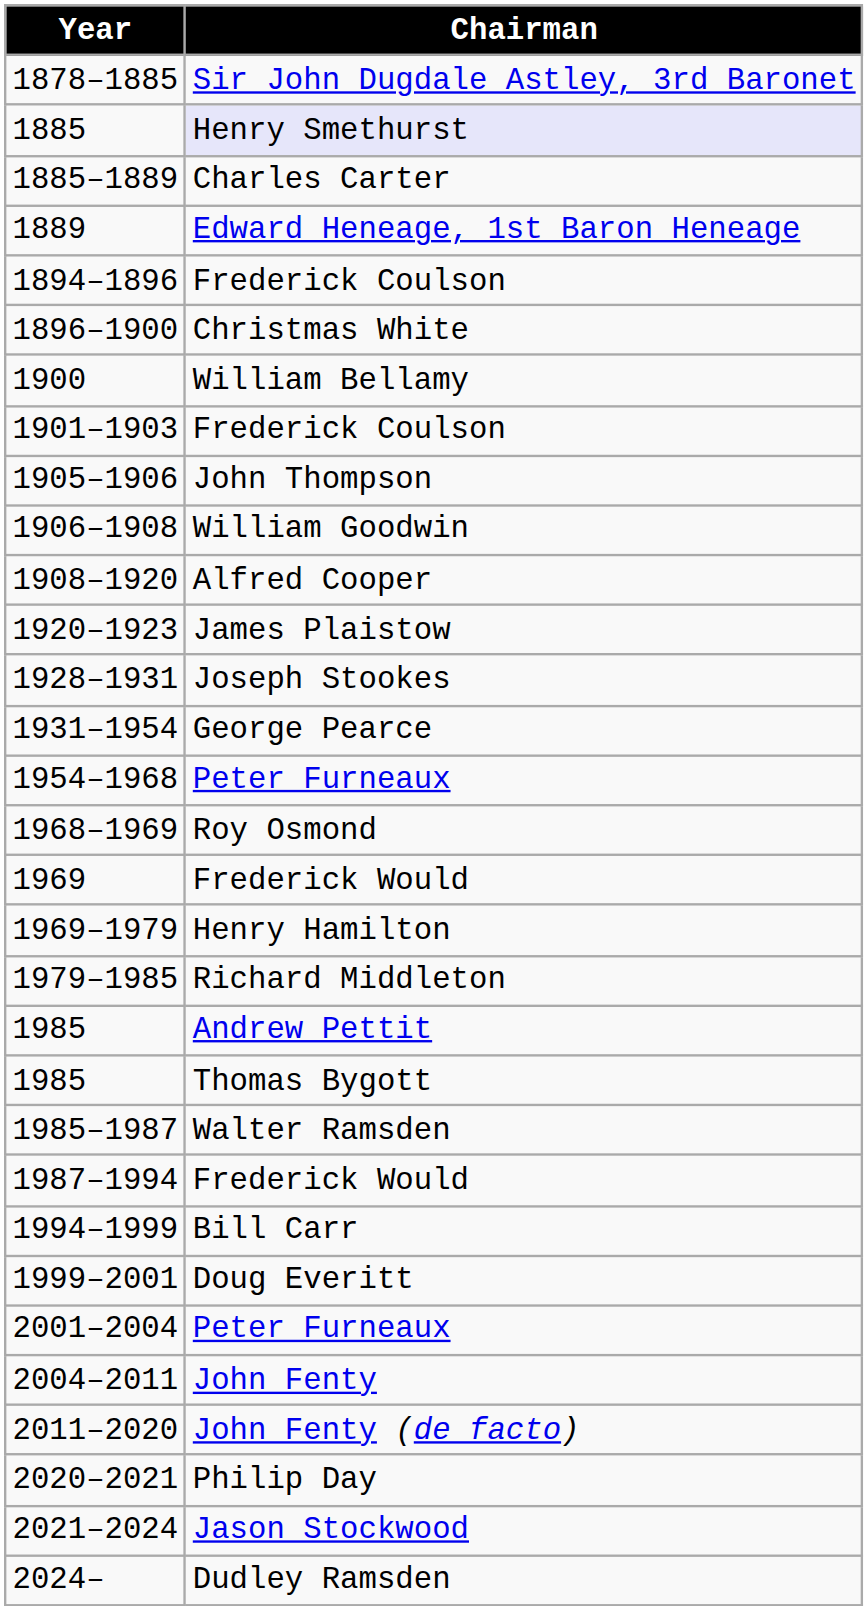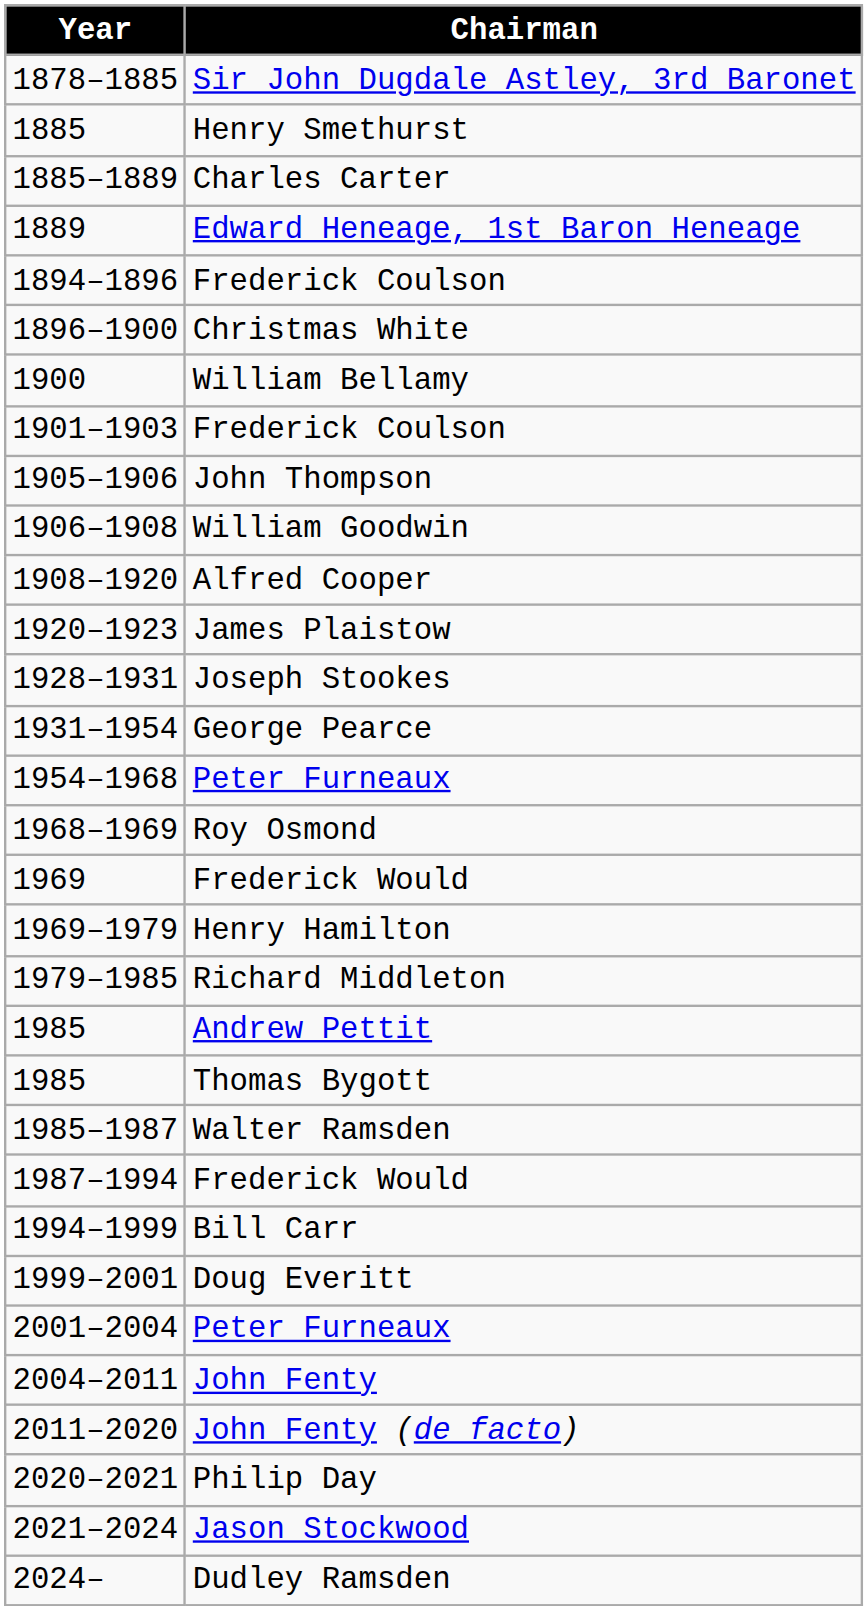 <table class="wikitable">
 <tr>
 <th style="background:#000000; color:#FFFFFF;">Year</th>
 <th style="background:#000000; color:#FFFFFF;">Chairman</th>
 </tr>
 <tr>
 <td>1878–1885</td>
 <td> <a href='#'>Sir John Dugdale Astley, 3rd Baronet</a></td>
 </tr>
 <tr>
 <td>1885</td>
-<td style="background: lavender;"> Henry Smethurst</td>
+<td> Henry Smethurst</td>
 </tr>
 <tr>
 <td>1885–1889</td>
 <td> Charles Carter</td>
 </tr>
 <tr>
 <td>1889</td>
 <td> <a href='#'>Edward Heneage, 1st Baron Heneage</a></td>
 </tr>
 <tr>
 <td>1894–1896</td>
 <td> Frederick Coulson</td>
 </tr>
 <tr>
 <td>1896–1900</td>
 <td> Christmas White</td>
 </tr>
 <tr>
 <td>1900</td>
 <td> William Bellamy</td>
 </tr>
 <tr>
 <td>1901–1903</td>
 <td> Frederick Coulson</td>
 </tr>
 <tr>
 <td>1905–1906</td>
 <td> John Thompson</td>
 </tr>
 <tr>
 <td>1906–1908</td>
 <td> William Goodwin</td>
 </tr>
 <tr>
 <td>1908–1920</td>
 <td> Alfred Cooper</td>
 </tr>
 <tr>
 <td>1920–1923</td>
 <td> James Plaistow</td>
 </tr>
 <tr>
 <td>1928–1931</td>
 <td> Joseph Stookes</td>
 </tr>
 <tr>
 <td>1931–1954</td>
 <td> George Pearce</td>
 </tr>
 <tr>
 <td>1954–1968</td>
 <td> <a href='#'>Peter Furneaux</a></td>
 </tr>
 <tr>
 <td>1968–1969</td>
 <td> Roy Osmond</td>
 </tr>
 <tr>
 <td>1969</td>
 <td> Frederick Would</td>
 </tr>
 <tr>
 <td>1969–1979</td>
 <td> Henry Hamilton</td>
 </tr>
 <tr>
 <td>1979–1985</td>
 <td> Richard Middleton</td>
 </tr>
 <tr>
 <td>1985</td>
 <td> <a href='#'>Andrew Pettit</a></td>
 </tr>
 <tr>
 <td>1985</td>
 <td> Thomas Bygott</td>
 </tr>
 <tr>
 <td>1985–1987</td>
 <td> Walter Ramsden</td>
 </tr>
 <tr>
 <td>1987–1994</td>
 <td> Frederick Would</td>
 </tr>
 <tr>
 <td>1994–1999</td>
 <td> Bill Carr</td>
 </tr>
 <tr>
 <td>1999–2001</td>
 <td> Doug Everitt</td>
 </tr>
 <tr>
 <td>2001–2004</td>
 <td> <a href='#'>Peter Furneaux</a></td>
 </tr>
 <tr>
 <td>2004–2011</td>
 <td> <a href='#'>John Fenty</a></td>
 </tr>
 <tr>
 <td>2011–2020</td>
 <td> <a href='#'>John Fenty</a> <em>(<a href='#'>de facto</a>)</em></td>
 </tr>
 <tr>
 <td>2020–2021</td>
 <td> Philip Day</td>
 </tr>
 <tr>
 <td>2021–2024</td>
 <td> <a href='#'>Jason Stockwood</a></td>
 </tr>
 <tr>
 <td>2024–</td>
 <td> Dudley Ramsden</td>
 </tr>
 </table>
